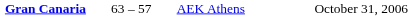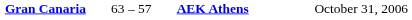 <table style="text-align:center">
 <tr>
 <th width=160></th>
 <th width=100></th>
 <th width=160></th>
 <th width=200></th>
 </tr>
 <tr>
 <td align=right><strong><a href='#'>Gran Canaria</a></strong> </td>
 <td>63 – 57</td>
-<td align=left> <a href='#'>AEK Athens</a></td>
+<td align=left><strong> <a href='#'>AEK Athens</a></strong></td>
 <td align=left>October 31, 2006</td>
 </tr>
 </table>
